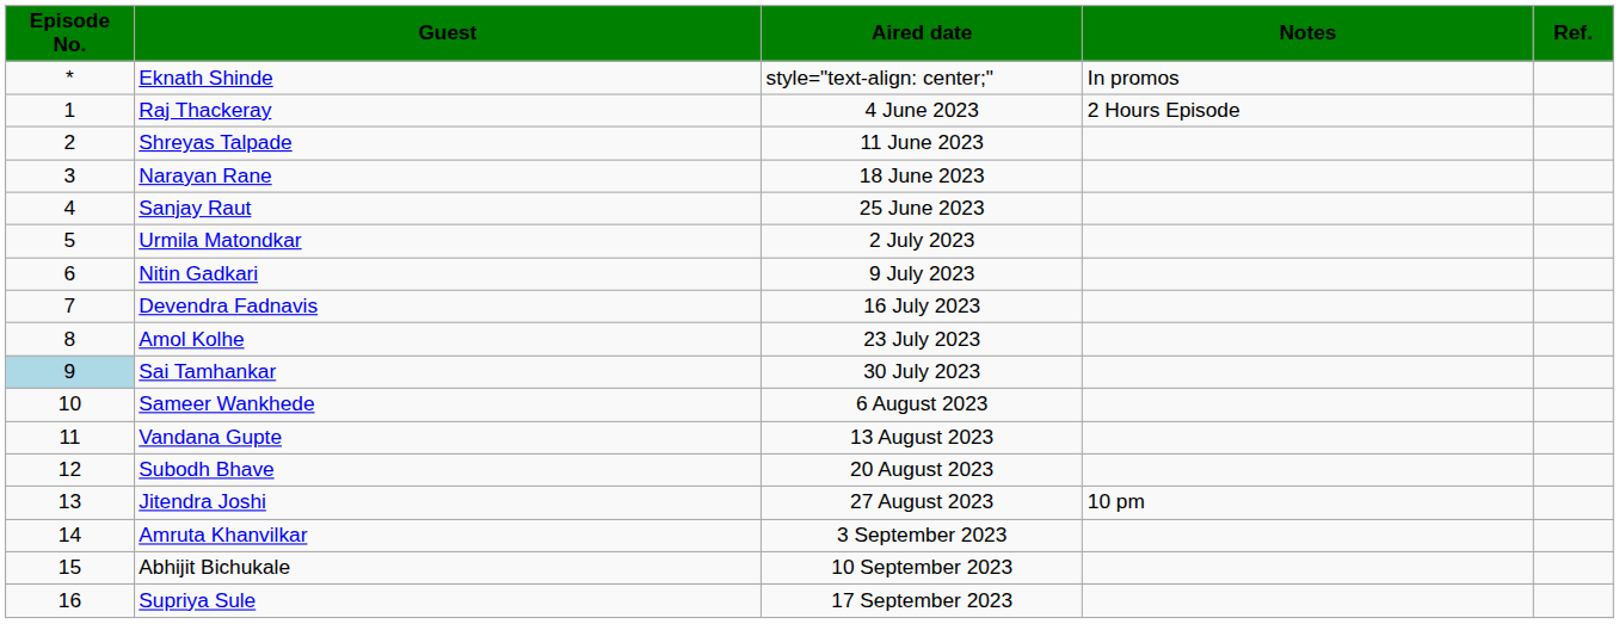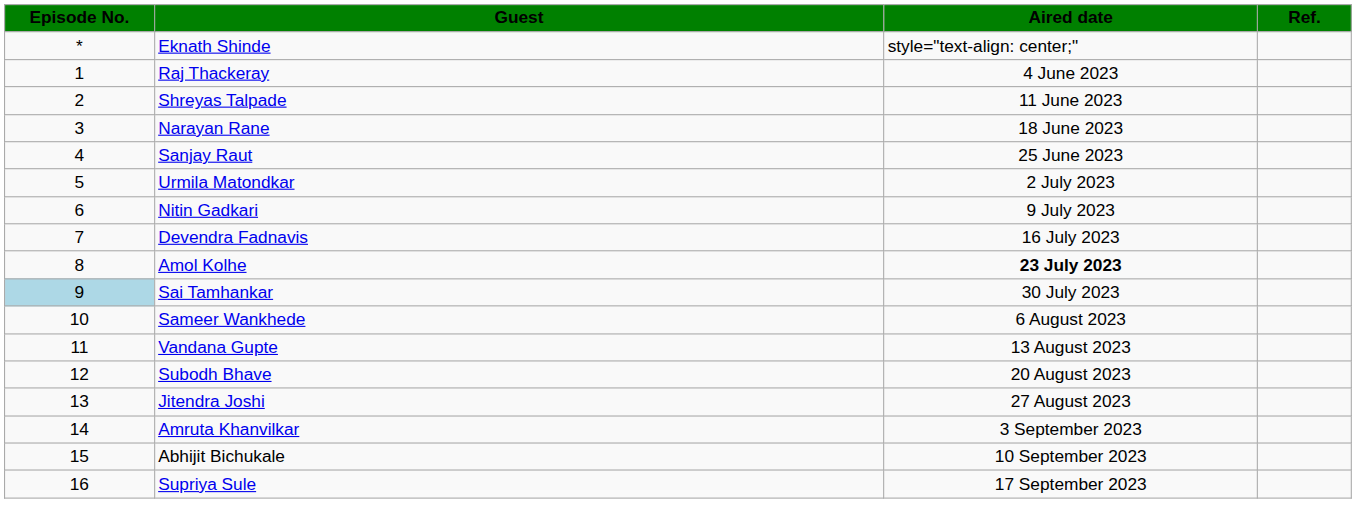 <table class="wikitable">
 <tr>
 <th width=8% style="background:Green">Episode No.</th>
 <th width=39% style="background:Green">Guest</th>
 <th width=20% style="background:Green">Aired date</th>
-<th width=28% style="background:Green">Notes</th>
 <th width=5% style="background:Green">Ref.</th>
 </tr>
 <tr>
 <td style="text-align: center;">*</td>
 <td><a href='#'>Eknath Shinde</a></td>
 <td>style="text-align: center;"</td>
-<td>In promos</td>
 <td style="text-align: center;"></td>
 </tr>
 <tr>
 <td style="text-align: center;">1</td>
 <td><a href='#'>Raj Thackeray</a></td>
 <td style="text-align: center;">4 June 2023</td>
-<td>2 Hours Episode</td>
 <td style="text-align: center;"></td>
 </tr>
 <tr>
 <td style="text-align: center;">2</td>
 <td><a href='#'>Shreyas Talpade</a></td>
 <td style="text-align: center;">11 June 2023</td>
-<td></td>
 <td style="text-align: center;"></td>
 </tr>
 <tr>
 <td style="text-align: center;">3</td>
 <td><a href='#'>Narayan Rane</a></td>
 <td style="text-align: center;">18 June 2023</td>
-<td></td>
 <td style="text-align: center;"></td>
 </tr>
 <tr>
 <td style="text-align: center;">4</td>
 <td><a href='#'>Sanjay Raut</a></td>
 <td style="text-align: center;">25 June 2023</td>
-<td></td>
 <td style="text-align: center;"></td>
 </tr>
 <tr>
 <td style="text-align: center;">5</td>
 <td><a href='#'>Urmila Matondkar</a></td>
 <td style="text-align: center;">2 July 2023</td>
-<td></td>
 <td style="text-align: center;"></td>
 </tr>
 <tr>
 <td style="text-align: center;">6</td>
 <td><a href='#'>Nitin Gadkari</a></td>
 <td style="text-align: center;">9 July 2023</td>
-<td></td>
 <td style="text-align: center;"></td>
 </tr>
 <tr>
 <td style="text-align: center;">7</td>
 <td><a href='#'>Devendra Fadnavis</a></td>
 <td style="text-align: center;">16 July 2023</td>
-<td></td>
 <td style="text-align: center;"></td>
 </tr>
 <tr>
 <td style="text-align: center;">8</td>
 <td><a href='#'>Amol Kolhe</a></td>
-<td style="text-align: center;">23 July 2023</td>
-<td></td>
+<td style="text-align: center;"><strong>23 July 2023</strong></td>
 <td style="text-align: center;"></td>
 </tr>
 <tr>
 <td style="background: lightblue; text-align: center;">9</td>
 <td><a href='#'>Sai Tamhankar</a></td>
 <td style="text-align: center;">30 July 2023</td>
-<td></td>
 <td style="text-align: center;"></td>
 </tr>
 <tr>
 <td style="text-align: center;">10</td>
 <td><a href='#'>Sameer Wankhede</a></td>
 <td style="text-align: center;">6 August 2023</td>
-<td></td>
 <td style="text-align: center;"></td>
 </tr>
 <tr>
 <td style="text-align: center;">11</td>
 <td><a href='#'>Vandana Gupte</a></td>
 <td style="text-align: center;">13 August 2023</td>
-<td></td>
 <td style="text-align: center;"></td>
 </tr>
 <tr>
 <td style="text-align: center;">12</td>
 <td><a href='#'>Subodh Bhave</a></td>
 <td style="text-align: center;">20 August 2023</td>
-<td></td>
 <td style="text-align: center;"></td>
 </tr>
 <tr>
 <td style="text-align: center;">13</td>
 <td><a href='#'>Jitendra Joshi</a></td>
 <td style="text-align: center;">27 August 2023</td>
-<td>10 pm</td>
 <td style="text-align: center;"></td>
 </tr>
 <tr>
 <td style="text-align: center;">14</td>
 <td><a href='#'>Amruta Khanvilkar</a></td>
 <td style="text-align: center;">3 September 2023</td>
-<td></td>
 <td style="text-align: center;"></td>
 </tr>
 <tr>
 <td style="text-align: center;">15</td>
 <td>Abhijit Bichukale</td>
 <td style="text-align: center;">10 September 2023</td>
-<td></td>
 <td style="text-align: center;"></td>
 </tr>
 <tr>
 <td style="text-align: center;">16</td>
 <td><a href='#'>Supriya Sule</a></td>
 <td style="text-align: center;">17 September 2023</td>
-<td></td>
 <td style="text-align: center;"></td>
 </tr>
 </table>
